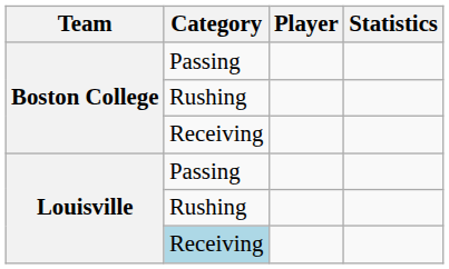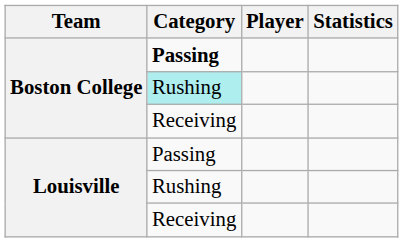 <table class="wikitable" style="float:right">
 <tr>
 <th>Team</th>
 <th>Category</th>
 <th>Player</th>
 <th>Statistics</th>
 </tr>
 <tr>
 <th rowspan=3>Boston College</th>
-<td>Passing</td>
+<td><strong>Passing</strong></td>
 <td></td>
 <td></td>
 </tr>
 <tr>
-<td>Rushing</td>
+<td style="background: paleturquoise;">Rushing</td>
 <td></td>
 <td></td>
 </tr>
 <tr>
 <td>Receiving</td>
 <td></td>
 <td></td>
 </tr>
 <tr>
 <th rowspan=3>Louisville</th>
 <td>Passing</td>
 <td></td>
 <td></td>
 </tr>
 <tr>
 <td>Rushing</td>
 <td></td>
 <td></td>
 </tr>
 <tr>
-<td style="background: lightblue;">Receiving</td>
+<td>Receiving</td>
 <td></td>
 <td></td>
 </tr>
 </table>
